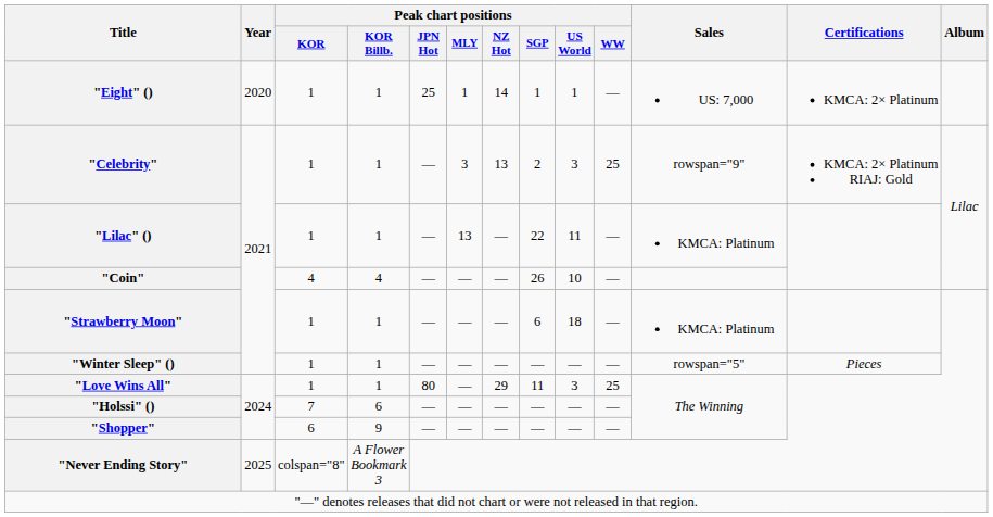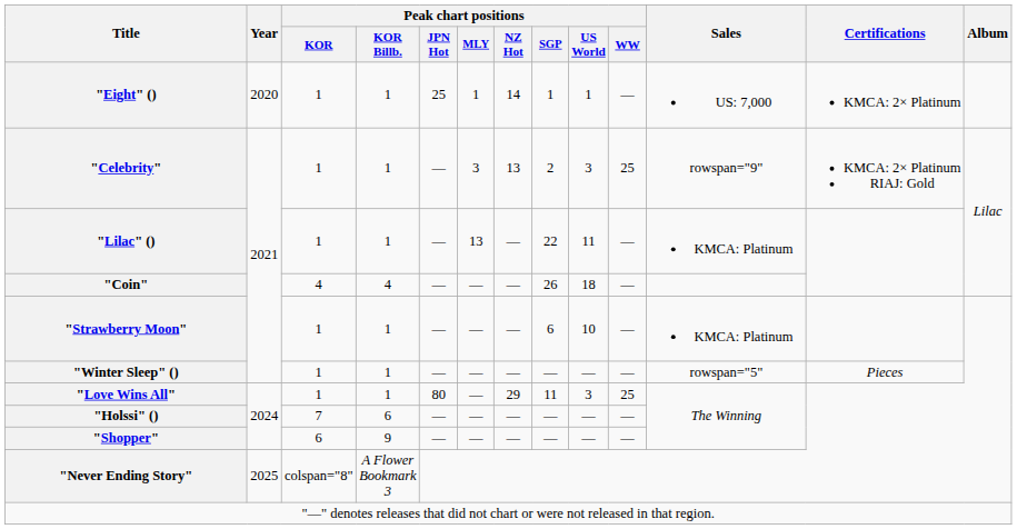 <table class="wikitable plainrowheaders" style="text-align:center;">
 <tr>
 <th rowspan="2" scope="col" style="width:17em;">Title</th>
 <th rowspan="2" scope="col">Year</th>
 <th colspan="8" scope="col">Peak chart positions</th>
 <th rowspan="2" scope="col" style="width:11em;">Sales<br></th>
 <th rowspan="2" scope="col"><a href='#'>Certifications</a><br></th>
 <th rowspan="2" scope="col">Album</th>
 </tr>
 <tr>
 <th scope="col" style="width:2.6em;font-size:90%;"><a href='#'>KOR</a><br></th>
 <th scope="col" style="width:2.6em;font-size:90%;"><a href='#'>KOR Billb.</a><br></th>
 <th scope="col" style="width:2.6em;font-size:90%;"><a href='#'>JPN Hot</a><br></th>
 <th scope="col" style="width:2.6em;font-size:85%"><a href='#'>MLY</a><br></th>
 <th scope="col" style="width:2.6em;font-size:90%;"><a href='#'>NZ Hot</a><br></th>
 <th scope="col" style="width:2.6em;font-size:85%"><a href='#'>SGP</a><br></th>
 <th scope="col" style="width:2.6em;font-size:90%;"><a href='#'>US<br>World</a><br></th>
 <th scope="col" style="width:2.6em;font-size:90%;"><a href='#'>WW</a><br></th>
 </tr>
 <tr>
 <th scope="row">"<a href='#'>Eight</a>" ()<br></th>
 <td>2020</td>
 <td>1</td>
 <td>1</td>
 <td>25</td>
 <td>1</td>
 <td>14</td>
 <td>1</td>
 <td>1</td>
 <td>—</td>
 <td><br><ul><li>US: 7,000</li></ul></td>
 <td><br><ul><li>KMCA: 2× Platinum </li></ul></td>
 <td></td>
 </tr>
 <tr>
 <th scope="row">"<a href='#'>Celebrity</a>"</th>
 <td rowspan="5">2021</td>
 <td>1</td>
 <td>1</td>
 <td>—</td>
 <td>3</td>
 <td>13</td>
 <td>2</td>
 <td>3</td>
 <td>25</td>
 <td>rowspan="9" </td>
 <td><br><ul><li>KMCA: 2× Platinum </li><li>RIAJ: Gold </li></ul></td>
 <td rowspan="3"><em>Lilac</em></td>
 </tr>
 <tr>
 <th scope="row">"<a href='#'>Lilac</a>" ()</th>
 <td>1</td>
 <td>1</td>
 <td>—</td>
 <td>13</td>
 <td>—</td>
 <td>22</td>
 <td>11</td>
 <td>—</td>
 <td><br><ul><li>KMCA: Platinum </li></ul></td>
 </tr>
 <tr>
 <th scope="row">"Coin"</th>
 <td>4</td>
 <td>4</td>
 <td>—</td>
 <td>—</td>
 <td>—</td>
 <td>26</td>
-<td>10</td>
+<td>18</td>
 <td>—</td>
 <td></td>
 </tr>
 <tr>
 <th scope="row">"<a href='#'>Strawberry Moon</a>"</th>
 <td>1</td>
 <td>1</td>
 <td>—</td>
 <td>—</td>
 <td>—</td>
 <td>6</td>
-<td>18</td>
+<td>10</td>
 <td>—</td>
 <td><br><ul><li>KMCA: Platinum </li></ul></td>
 <td></td>
 </tr>
 <tr>
 <th scope="row">"Winter Sleep" ()</th>
 <td>1</td>
 <td>1</td>
 <td>—</td>
 <td>—</td>
 <td>—</td>
 <td>—</td>
 <td>—</td>
 <td>—</td>
 <td>rowspan="5" </td>
 <td><em>Pieces</em></td>
 </tr>
 <tr>
 <th scope="row">"<a href='#'>Love Wins All</a>"</th>
 <td rowspan="3">2024</td>
 <td>1</td>
 <td>1</td>
 <td>80</td>
 <td>—</td>
 <td>29</td>
 <td>11</td>
 <td>3</td>
 <td>25</td>
 <td rowspan="3"><em>The Winning</em></td>
 </tr>
 <tr>
 <th scope="row">"Holssi" ()</th>
 <td>7</td>
 <td>6</td>
 <td>—</td>
 <td>—</td>
 <td>—</td>
 <td>—</td>
 <td>—</td>
 <td>—</td>
 </tr>
 <tr>
 <th scope="row">"<a href='#'>Shopper</a>"</th>
 <td>6</td>
 <td>9</td>
 <td>—</td>
 <td>—</td>
 <td>—</td>
 <td>—</td>
 <td>—</td>
 <td>—</td>
 </tr>
 <tr>
 <th scope="row">"Never Ending Story"</th>
 <td>2025</td>
 <td>colspan="8" </td>
 <td><em>A Flower Bookmark 3</em></td>
 </tr>
 <tr>
 <td colspan="13">"—" denotes releases that did not chart or were not released in that region.</td>
 </tr>
 </table>
